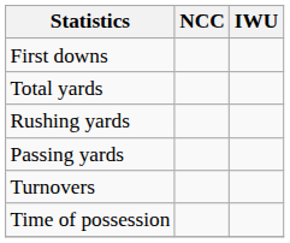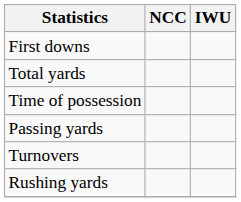 <table class="wikitable">
 <tr>
 <th>Statistics</th>
 <th>NCC</th>
 <th>IWU</th>
 </tr>
 <tr>
 <td>First downs</td>
 <td></td>
 <td></td>
 </tr>
 <tr>
 <td>Total yards</td>
 <td></td>
 <td></td>
 </tr>
 <tr>
-<td>Rushing yards</td>
+<td>Time of possession</td>
 <td></td>
 <td></td>
 </tr>
 <tr>
 <td>Passing yards</td>
 <td></td>
 <td></td>
 </tr>
 <tr>
 <td>Turnovers</td>
 <td></td>
 <td></td>
 </tr>
 <tr>
-<td>Time of possession</td>
+<td>Rushing yards</td>
 <td></td>
 <td></td>
 </tr>
 <tr>
 </tr>
 </table>
